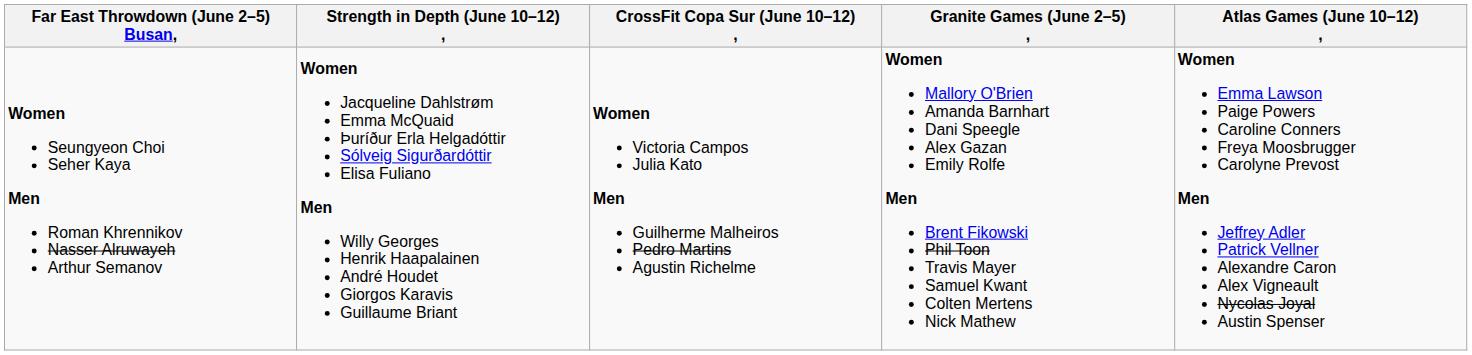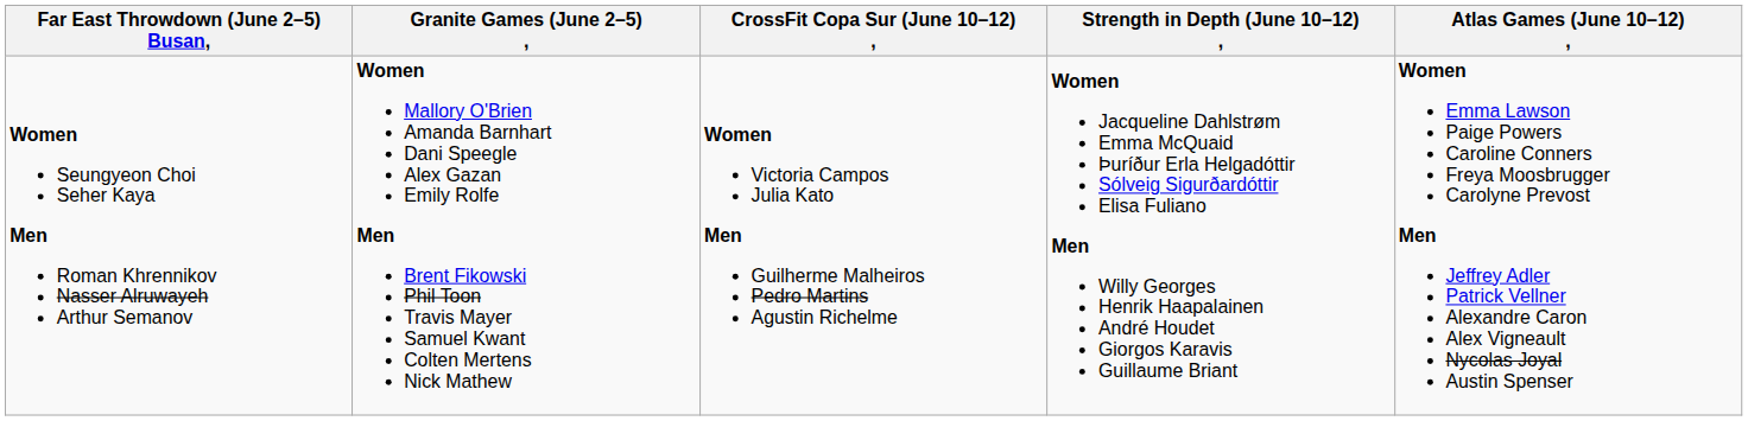 <table class="wikitable">
 <tr>
 <th style="width: 18em;">Far East Throwdown (June 2–5) <br> <a href='#'>Busan</a>, </th>
+<th style="width: 18em;">Granite Games (June 2–5)<br> , </th>
+<th style="width: 18em;">CrossFit Copa Sur (June 10–12) <br>, </th>
 <th style="width: 18em;">Strength in Depth (June 10–12) <br>, </th>
-<th style="width: 18em;">CrossFit Copa Sur (June 10–12) <br>, </th>
-<th style="width: 18em;">Granite Games (June 2–5)<br> , </th>
 <th style="width: 18em;">Atlas Games (June 10–12) <br>, </th>
 </tr>
 <tr>
 <td><strong>Women</strong><br><ul><li> Seungyeon Choi</li><li> Seher Kaya</li></ul><strong>Men</strong><ul><li> Roman Khrennikov</li><li> <s>Nasser Alruwayeh</s></li><li> Arthur Semanov </li></ul></td>
+<td><strong>Women</strong><br><ul><li> <a href='#'>Mallory O'Brien</a></li><li> Amanda Barnhart</li><li> Dani Speegle</li><li> Alex Gazan</li><li> Emily Rolfe</li></ul><strong>Men</strong><ul><li> <a href='#'>Brent Fikowski</a></li><li> <s>Phil Toon</s></li><li> Travis Mayer</li><li> Samuel Kwant</li><li> Colten Mertens</li><li> Nick Mathew</li></ul></td>
+<td><strong>Women</strong><br><ul><li> Victoria Campos</li><li> Julia Kato</li></ul><strong>Men</strong><ul><li> Guilherme Malheiros</li><li> <s>Pedro Martins</s></li><li> Agustin Richelme</li></ul></td>
 <td><strong>Women</strong><br><ul><li> Jacqueline Dahlstrøm</li><li> Emma McQuaid</li><li> Þuríður Erla Helgadóttir</li><li> <a href='#'>Sólveig Sigurðardóttir</a></li><li> Elisa Fuliano</li></ul><strong>Men</strong><ul><li> Willy Georges</li><li> Henrik Haapalainen</li><li> André Houdet</li><li> Giorgos Karavis</li><li> Guillaume Briant</li></ul></td>
-<td><strong>Women</strong><br><ul><li> Victoria Campos</li><li> Julia Kato</li></ul><strong>Men</strong><ul><li> Guilherme Malheiros</li><li> <s>Pedro Martins</s></li><li> Agustin Richelme</li></ul></td>
-<td><strong>Women</strong><br><ul><li> <a href='#'>Mallory O'Brien</a></li><li> Amanda Barnhart</li><li> Dani Speegle</li><li> Alex Gazan</li><li> Emily Rolfe</li></ul><strong>Men</strong><ul><li> <a href='#'>Brent Fikowski</a></li><li> <s>Phil Toon</s></li><li> Travis Mayer</li><li> Samuel Kwant</li><li> Colten Mertens</li><li> Nick Mathew</li></ul></td>
 <td><strong>Women</strong><br><ul><li> <a href='#'>Emma Lawson</a></li><li> Paige Powers</li><li> Caroline Conners</li><li> Freya Moosbrugger</li><li> Carolyne Prevost</li></ul><strong>Men</strong><ul><li> <a href='#'>Jeffrey Adler</a></li><li> <a href='#'>Patrick Vellner</a></li><li> Alexandre Caron</li><li> Alex Vigneault</li><li> <s>Nycolas Joyal</s></li><li> Austin Spenser</li></ul></td>
 </tr>
 </table>
